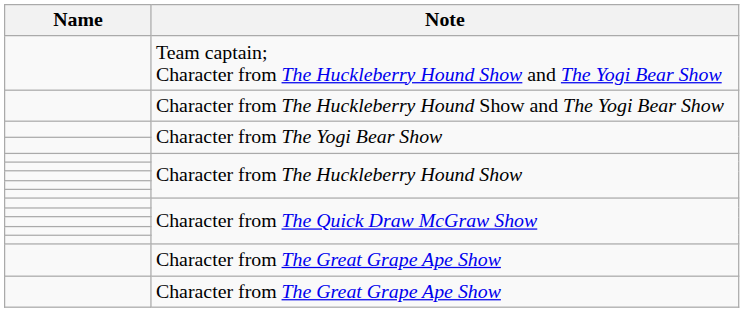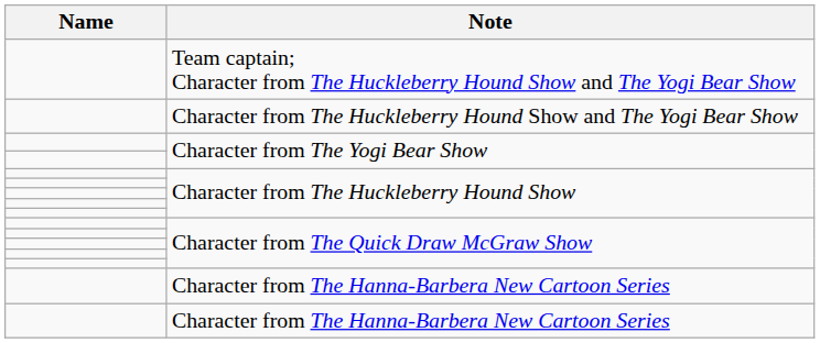 <table class="wikitable sortable" align="left center" width="95%">
 <tr>
 <th width="20%">Name</th>
 <th width="80%">Note</th>
 </tr>
 <tr>
 <td></td>
 <td>Team captain;<br>Character from <em><a href='#'>The Huckleberry Hound Show</a></em> and <em><a href='#'>The Yogi Bear Show</a></em></td>
 </tr>
 <tr>
 <td></td>
 <td>Character from <em>The Huckleberry Hound</em> Show and <em>The Yogi Bear Show</em></td>
 </tr>
 <tr>
 <td></td>
 <td rowspan="2">Character from <em>The Yogi Bear Show</em></td>
 </tr>
 <tr>
 <td></td>
 </tr>
 <tr>
 <td></td>
 <td rowspan="5">Character from <em>The Huckleberry Hound Show</em></td>
 </tr>
 <tr>
 <td></td>
 </tr>
 <tr>
 <td></td>
 </tr>
 <tr>
 <td></td>
 </tr>
 <tr>
 <td></td>
 </tr>
 <tr>
 <td></td>
 <td rowspan="5">Character from <em><a href='#'>The Quick Draw McGraw Show</a></em></td>
 </tr>
 <tr>
 <td></td>
 </tr>
 <tr>
 <td></td>
 </tr>
 <tr>
 <td></td>
 </tr>
 <tr>
 <td></td>
 </tr>
 <tr>
 <td></td>
-<td>Character from <em><a href='#'>The Great Grape Ape Show</a></em></td>
+<td>Character from <em><a href='#'>The Hanna-Barbera New Cartoon Series</a></em></td>
 </tr>
 <tr>
 <td></td>
-<td>Character from <em><a href='#'>The Great Grape Ape Show</a></em></td>
+<td>Character from <em><a href='#'>The Hanna-Barbera New Cartoon Series</a></em></td>
 </tr>
 </table>
